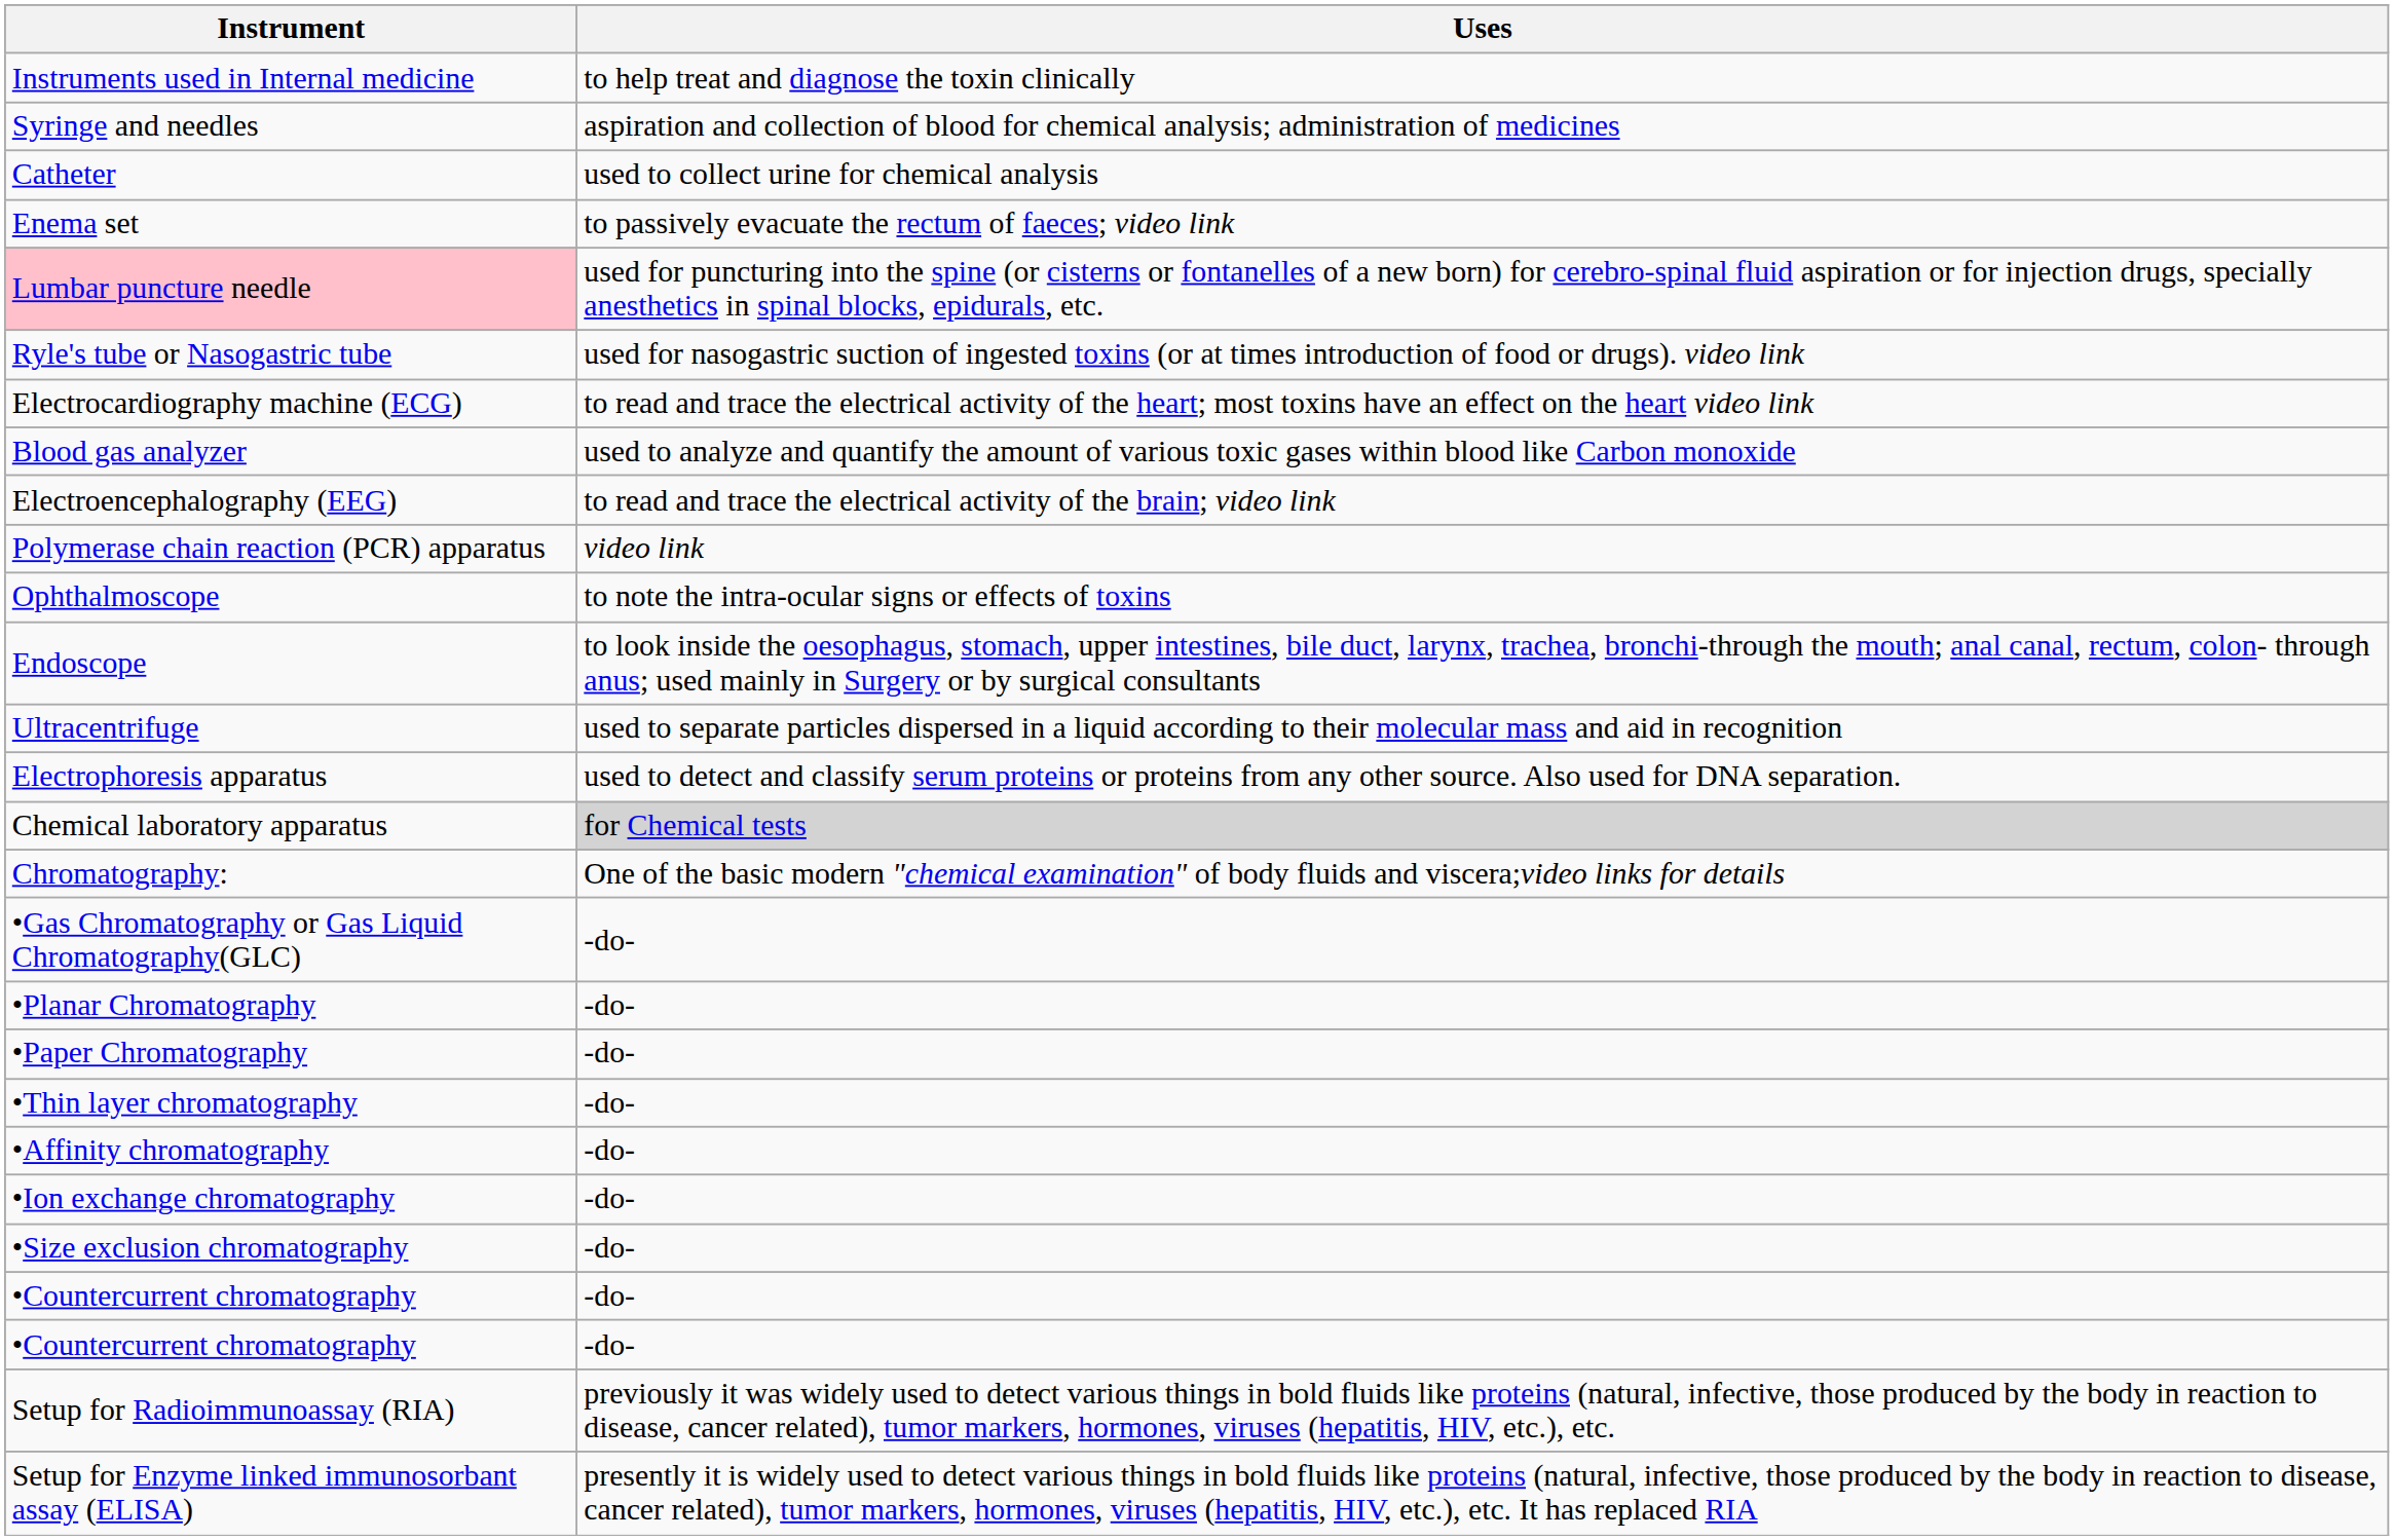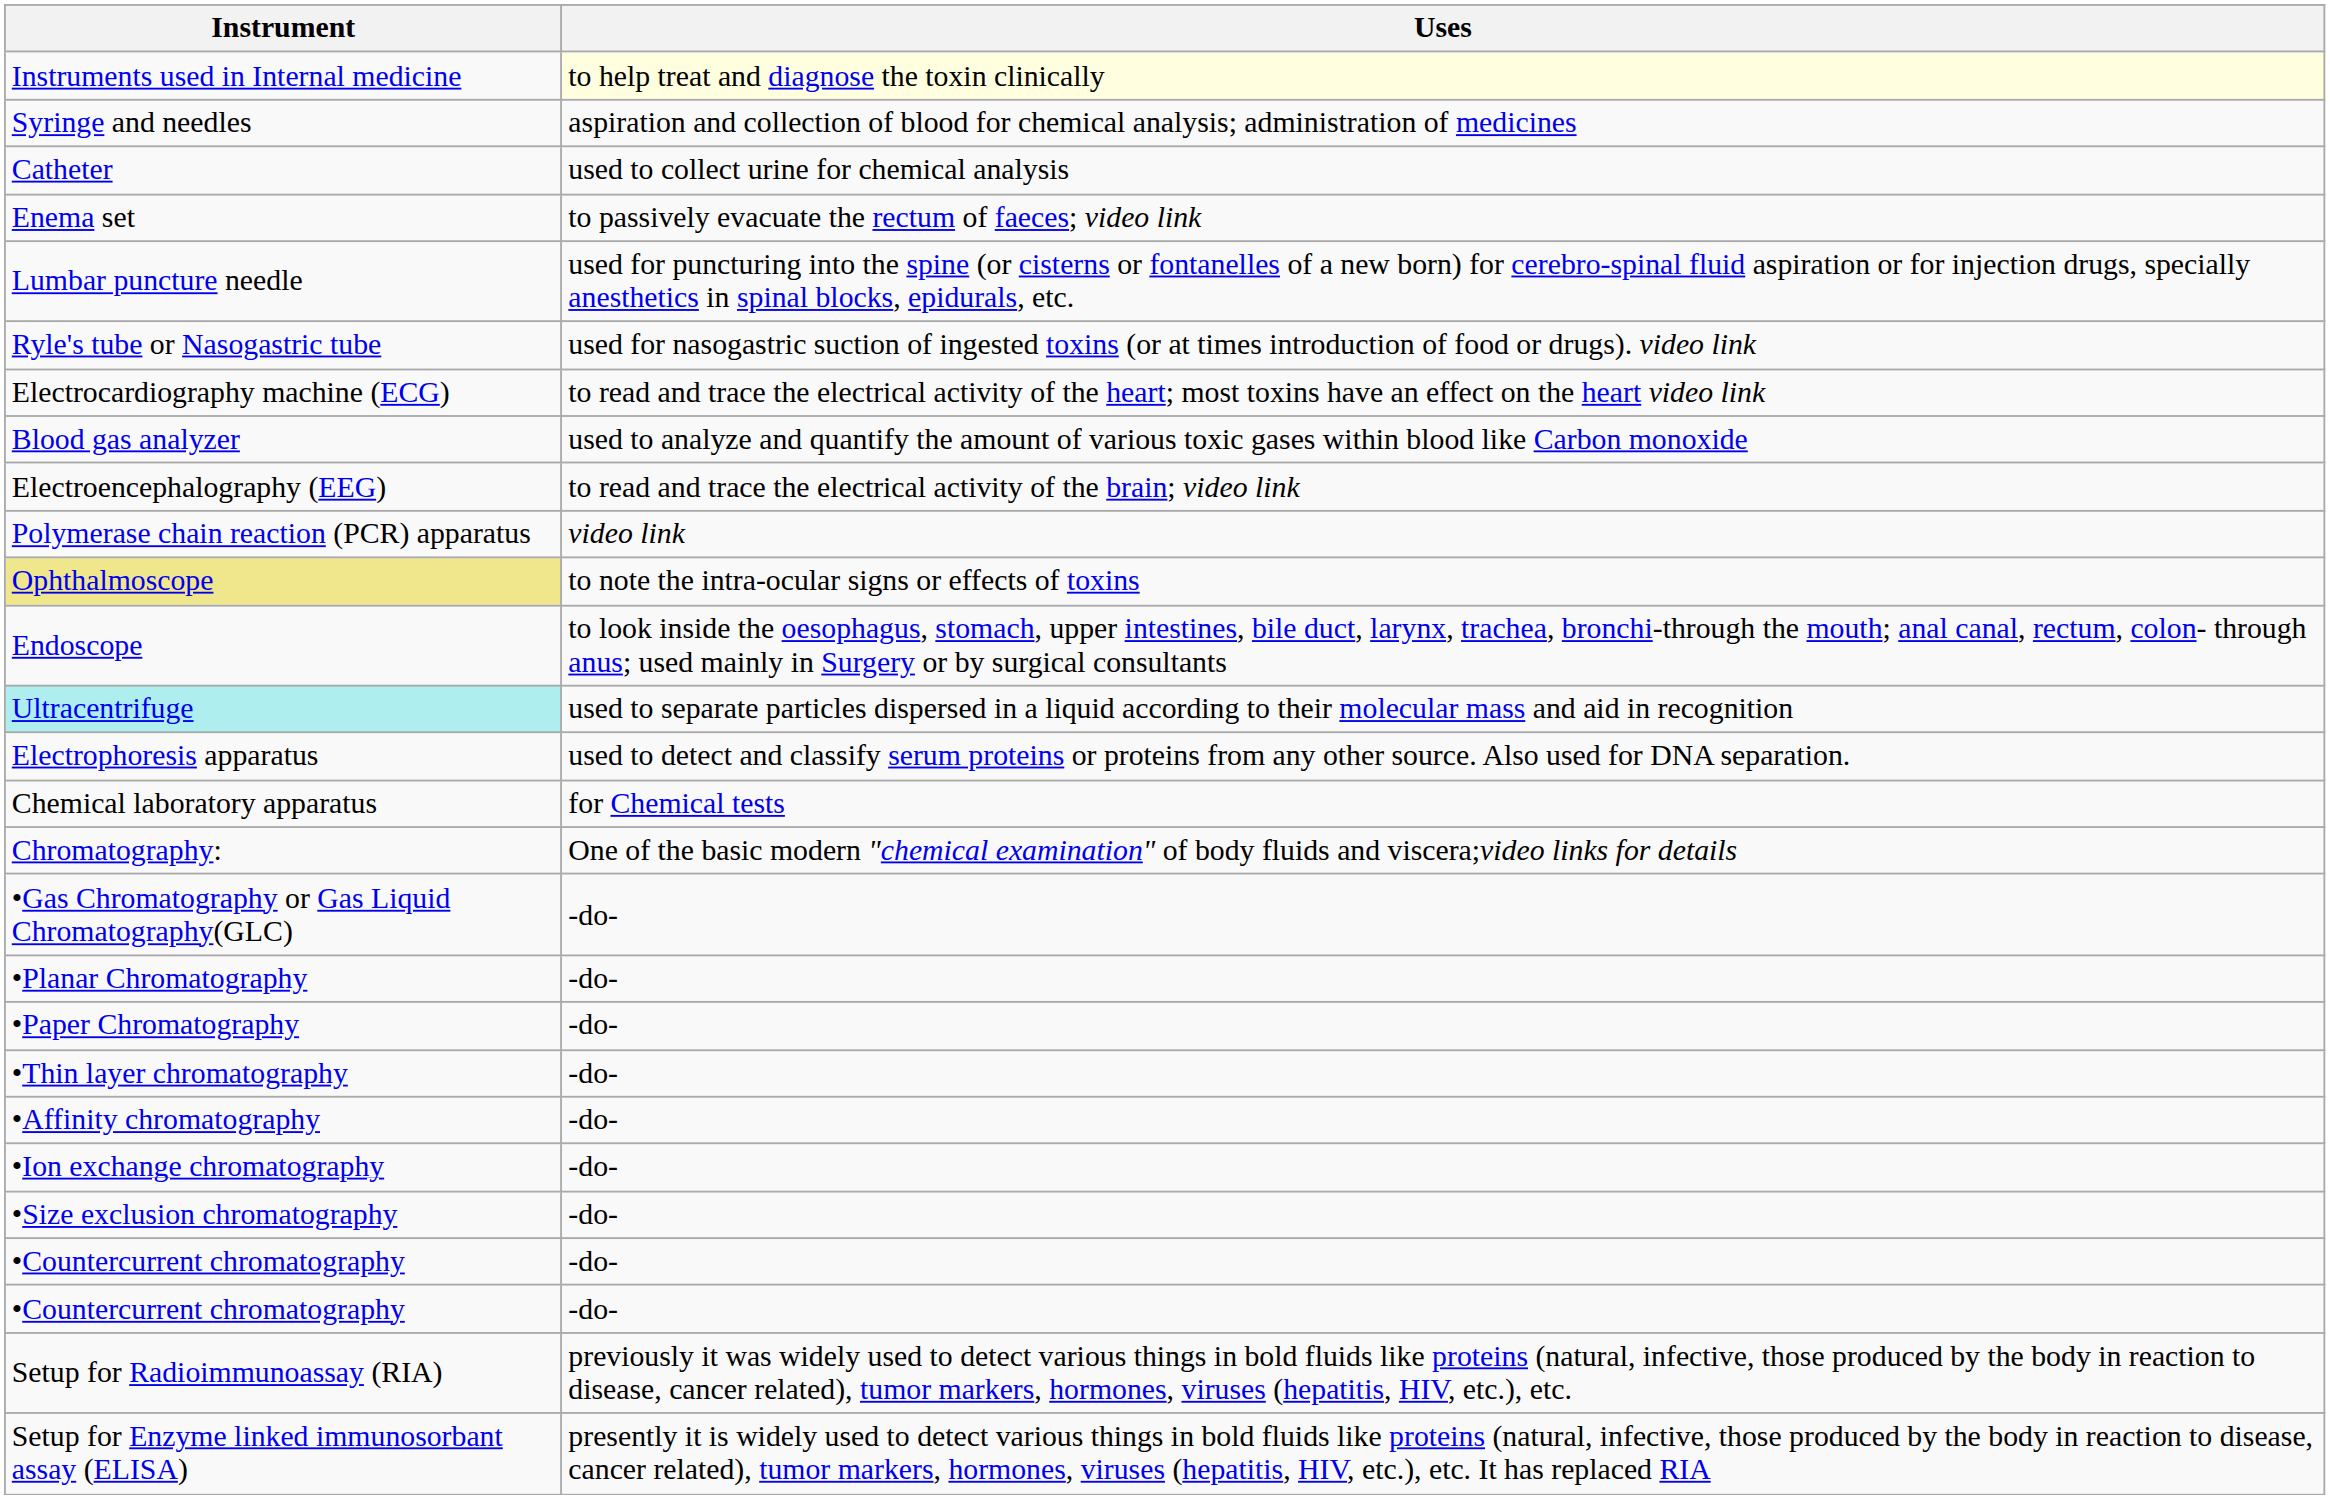 <table class="wikitable">
 <tr>
 <th>Instrument</th>
 <th>Uses</th>
 </tr>
 <tr>
 <td><a href='#'>Instruments used in Internal medicine</a></td>
-<td>to help treat and <a href='#'>diagnose</a> the toxin clinically</td>
+<td style="background: lightyellow;">to help treat and <a href='#'>diagnose</a> the toxin clinically</td>
 </tr>
 <tr>
 <td><a href='#'>Syringe</a> and needles</td>
 <td>aspiration and collection of blood for chemical analysis; administration of <a href='#'>medicines</a></td>
 </tr>
 <tr>
 <td><a href='#'>Catheter</a></td>
 <td>used to collect urine for chemical analysis</td>
 </tr>
 <tr>
 <td><a href='#'>Enema</a> set</td>
 <td>to passively evacuate the <a href='#'>rectum</a> of <a href='#'>faeces</a>; <em>video link</em></td>
 </tr>
 <tr>
-<td style="background: pink;"><a href='#'>Lumbar puncture</a> needle</td>
+<td><a href='#'>Lumbar puncture</a> needle</td>
 <td>used for puncturing into the <a href='#'>spine</a> (or <a href='#'>cisterns</a> or <a href='#'>fontanelles</a> of a new born) for <a href='#'>cerebro-spinal fluid</a> aspiration or for injection drugs, specially <a href='#'>anesthetics</a> in <a href='#'>spinal blocks</a>, <a href='#'>epidurals</a>, etc.</td>
 </tr>
 <tr>
 <td><a href='#'>Ryle's tube</a> or <a href='#'>Nasogastric tube</a></td>
 <td>used for nasogastric suction of ingested <a href='#'>toxins</a> (or at times introduction of food or drugs). <em>video link</em></td>
 </tr>
 <tr>
 <td>Electrocardiography machine (<a href='#'>ECG</a>)</td>
 <td>to read and trace the electrical activity of the <a href='#'>heart</a>; most toxins have an effect on the <a href='#'>heart</a> <em>video link</em></td>
 </tr>
 <tr>
 <td><a href='#'>Blood gas analyzer</a></td>
 <td>used to analyze and quantify the amount of various toxic gases within blood like <a href='#'>Carbon monoxide</a></td>
 </tr>
 <tr>
 <td>Electroencephalography (<a href='#'>EEG</a>)</td>
 <td>to read and trace the electrical activity of the <a href='#'>brain</a>; <em>video link</em></td>
 </tr>
 <tr>
 <td><a href='#'>Polymerase chain reaction</a> (PCR) apparatus</td>
 <td><em>video link</em></td>
 </tr>
 <tr>
-<td><a href='#'>Ophthalmoscope</a></td>
+<td style="background: khaki;"><a href='#'>Ophthalmoscope</a></td>
 <td>to note the intra-ocular signs or effects of <a href='#'>toxins</a></td>
 </tr>
 <tr>
 <td><a href='#'>Endoscope</a></td>
 <td>to look inside the <a href='#'>oesophagus</a>, <a href='#'>stomach</a>, upper <a href='#'>intestines</a>, <a href='#'>bile duct</a>, <a href='#'>larynx</a>, <a href='#'>trachea</a>, <a href='#'>bronchi</a>-through the <a href='#'>mouth</a>; <a href='#'>anal canal</a>, <a href='#'>rectum</a>, <a href='#'>colon</a>- through <a href='#'>anus</a>; used mainly in <a href='#'>Surgery</a> or by surgical consultants</td>
 </tr>
 <tr>
-<td><a href='#'>Ultracentrifuge</a></td>
+<td style="background: paleturquoise;"><a href='#'>Ultracentrifuge</a></td>
 <td>used to separate particles dispersed in a liquid according to their <a href='#'>molecular mass</a> and aid in recognition</td>
 </tr>
 <tr>
 <td><a href='#'>Electrophoresis</a> apparatus</td>
 <td>used to detect and classify <a href='#'>serum proteins</a> or proteins from any other source. Also used for DNA separation.</td>
 </tr>
 <tr>
 <td>Chemical laboratory apparatus</td>
-<td style="background: lightgrey;">for <a href='#'>Chemical tests</a></td>
+<td>for <a href='#'>Chemical tests</a></td>
 </tr>
 <tr>
 <td><a href='#'>Chromatography</a>:</td>
 <td>One of the basic modern <em>"<a href='#'>chemical examination</a>"</em> of body fluids and viscera;<em>video links for details</em></td>
 </tr>
 <tr>
 <td>•<a href='#'>Gas Chromatography</a> or <a href='#'>Gas Liquid Chromatography</a>(GLC)</td>
 <td>-do-</td>
 </tr>
 <tr>
 <td>•<a href='#'>Planar Chromatography</a></td>
 <td>-do-</td>
 </tr>
 <tr>
 <td>•<a href='#'>Paper Chromatography</a></td>
 <td>-do-</td>
 </tr>
 <tr>
 <td>•<a href='#'>Thin layer chromatography</a></td>
 <td>-do-</td>
 </tr>
 <tr>
 <td>•<a href='#'>Affinity chromatography</a></td>
 <td>-do-</td>
 </tr>
 <tr>
 <td>•<a href='#'>Ion exchange chromatography</a></td>
 <td>-do-</td>
 </tr>
 <tr>
 <td>•<a href='#'>Size exclusion chromatography</a></td>
 <td>-do-</td>
 </tr>
 <tr>
 <td>•<a href='#'>Countercurrent chromatography</a></td>
 <td>-do-</td>
 </tr>
 <tr>
 <td>•<a href='#'>Countercurrent chromatography</a></td>
 <td>-do-</td>
 </tr>
 <tr>
 <td>Setup for <a href='#'>Radioimmunoassay</a> (RIA)</td>
 <td>previously it was widely used to detect various things in bold fluids like <a href='#'>proteins</a> (natural, infective,  those produced by the body in reaction to disease, cancer related), <a href='#'>tumor markers</a>, <a href='#'>hormones</a>, <a href='#'>viruses</a> (<a href='#'>hepatitis</a>, <a href='#'>HIV</a>, etc.), etc.</td>
 </tr>
 <tr>
 <td>Setup for <a href='#'>Enzyme linked immunosorbant assay</a> (<a href='#'>ELISA</a>)</td>
 <td>presently it is widely used to detect various things in bold fluids like <a href='#'>proteins</a> (natural, infective,  those produced by the body in reaction to disease, cancer related), <a href='#'>tumor markers</a>, <a href='#'>hormones</a>, <a href='#'>viruses</a> (<a href='#'>hepatitis</a>, <a href='#'>HIV</a>, etc.), etc. It has replaced <a href='#'>RIA</a></td>
 </tr>
 </table>
